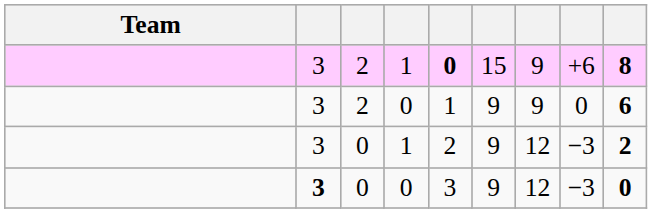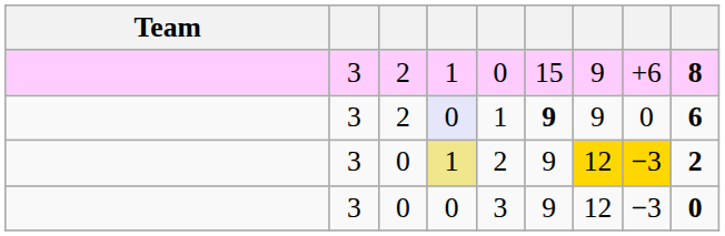 <table class="wikitable" style="text-align: center;">
 <tr>
 <th style="width:175px;">Team</th>
 <th width="20"></th>
 <th width="20"></th>
 <th width="20"></th>
 <th width="20"></th>
 <th width="20"></th>
 <th width="20"></th>
 <th width="20"></th>
 <th width="20"></th>
 </tr>
 <tr style="background:#fcf;">
 <td align=left></td>
 <td>3</td>
 <td>2</td>
 <td>1</td>
-<td><strong>0</strong></td>
+<td>0</td>
 <td>15</td>
 <td>9</td>
 <td>+6</td>
 <td><strong>8</strong></td>
 </tr>
 <tr>
 <td align=left></td>
 <td>3</td>
 <td>2</td>
-<td>0</td>
+<td style="background: lavender;">0</td>
 <td>1</td>
-<td>9</td>
+<td><strong>9</strong></td>
 <td>9</td>
 <td>0</td>
 <td><strong>6</strong></td>
 </tr>
 <tr>
 <td align=left></td>
 <td>3</td>
 <td>0</td>
-<td>1</td>
+<td style="background: khaki;">1</td>
 <td>2</td>
 <td>9</td>
-<td>12</td>
-<td>−3</td>
+<td style="background: gold;">12</td>
+<td style="background: gold;">−3</td>
 <td><strong>2</strong></td>
 </tr>
 <tr>
 <td align=left></td>
-<td><strong>3</strong></td>
+<td>3</td>
 <td>0</td>
 <td>0</td>
 <td>3</td>
 <td>9</td>
 <td>12</td>
 <td>−3</td>
 <td><strong>0</strong></td>
 </tr>
 </table>
